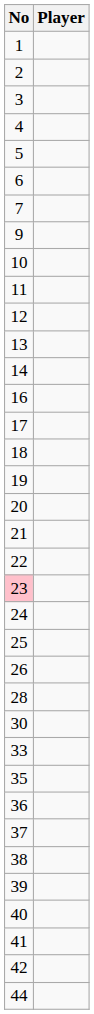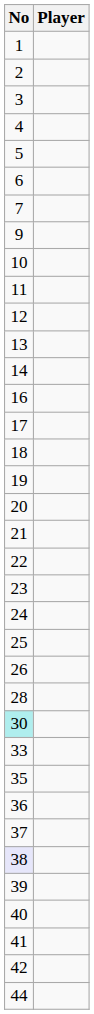 <table class="wikitable sortable" style="text-align:center;">
 <tr>
 <th><strong>No</strong></th>
 <th><strong>Player</strong></th>
 </tr>
 <tr>
 <td>1</td>
 <td align=left></td>
 </tr>
 <tr>
 <td>2</td>
 <td align=left></td>
 </tr>
 <tr>
 <td>3</td>
 <td align=left></td>
 </tr>
 <tr>
 <td>4</td>
 <td align=left></td>
 </tr>
 <tr>
 <td>5</td>
 <td align=left></td>
 </tr>
 <tr>
 <td>6</td>
 <td align=left></td>
 </tr>
 <tr>
 <td>7</td>
 <td align=left></td>
 </tr>
 <tr>
 <td>9</td>
 <td align=left></td>
 </tr>
 <tr>
 <td>10</td>
 <td align=left></td>
 </tr>
 <tr>
 <td>11</td>
 <td align=left></td>
 </tr>
 <tr>
 <td>12</td>
 <td align=left></td>
 </tr>
 <tr>
 <td>13</td>
 <td align=left></td>
 </tr>
 <tr>
 <td>14</td>
 <td align=left></td>
 </tr>
 <tr>
 <td>16</td>
 <td align=left></td>
 </tr>
 <tr>
 <td>17</td>
 <td align=left></td>
 </tr>
 <tr>
 <td>18</td>
 <td align=left></td>
 </tr>
 <tr>
 <td>19</td>
 <td align=left></td>
 </tr>
 <tr>
 <td>20</td>
 <td align=left></td>
 </tr>
 <tr>
 <td>21</td>
 <td align=left></td>
 </tr>
 <tr>
 <td>22</td>
 <td align=left></td>
 </tr>
 <tr>
-<td style="background: pink;">23</td>
+<td>23</td>
 <td align=left></td>
 </tr>
 <tr>
 <td>24</td>
 <td align=left></td>
 </tr>
 <tr>
 <td>25</td>
 <td align=left></td>
 </tr>
 <tr>
 <td>26</td>
 <td align=left></td>
 </tr>
 <tr>
 <td>28</td>
 <td align=left></td>
 </tr>
 <tr>
-<td>30</td>
+<td style="background: paleturquoise;">30</td>
 <td align=left></td>
 </tr>
 <tr>
 <td>33</td>
 <td align=left></td>
 </tr>
 <tr>
 <td>35</td>
 <td align=left></td>
 </tr>
 <tr>
 <td>36</td>
 <td align=left></td>
 </tr>
 <tr>
 <td>37</td>
 <td align=left></td>
 </tr>
 <tr>
-<td>38</td>
+<td style="background: lavender;">38</td>
 <td align=left></td>
 </tr>
 <tr>
 <td>39</td>
 <td align=left></td>
 </tr>
 <tr>
 <td>40</td>
 <td align=left></td>
 </tr>
 <tr>
 <td>41</td>
 <td align=left></td>
 </tr>
 <tr>
 <td>42</td>
 <td align=left></td>
 </tr>
 <tr>
 <td>44</td>
 <td align=left></td>
 </tr>
 </table>
